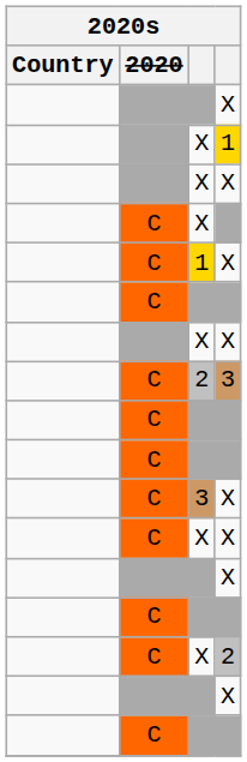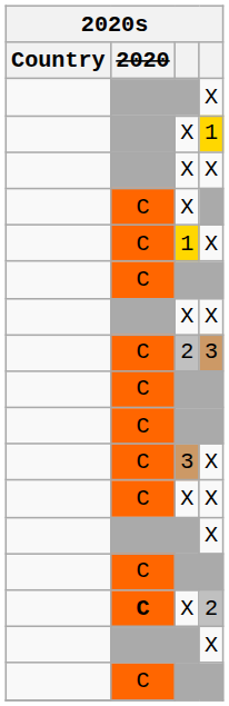 <table class="wikitable collapsible collapsed" style="float:left; margin:10px">
 <tr>
 <th colspan="6">2020s</th>
 </tr>
 <tr>
 <th>Country</th>
 <th><s>2020</s></th>
 <th></th>
 <th></th>
 </tr>
 <tr>
 <td></td>
 <td bgcolor="#AAA" colspan=2></td>
 <td align=center>X</td>
 </tr>
 <tr>
 <td></td>
 <td bgcolor="#AAA"></td>
 <td align=center>X</td>
 <td style="background:gold" align=center>1</td>
 </tr>
 <tr>
 <td></td>
 <td bgcolor="#AAA"></td>
 <td align=center>X</td>
 <td align=center>X</td>
 </tr>
 <tr>
 <td></td>
 <td style="background:#F60;" align=center>C</td>
 <td align=center>X</td>
 <td bgcolor="#AAA"></td>
 </tr>
 <tr>
 <td></td>
 <td style="background:#F60;" align=center>C</td>
 <td style="background:gold" align=center>1</td>
 <td align=center>X</td>
 </tr>
 <tr>
 <td></td>
 <td style="background:#F60;" align=center>C</td>
 <td bgcolor="#AAA" colspan=2></td>
 </tr>
 <tr>
 <td></td>
 <td bgcolor="#AAA"></td>
 <td align=center>X</td>
 <td align=center>X</td>
 </tr>
 <tr>
 <td></td>
 <td style="background:#F60;" align=center>C</td>
 <td style="background:silver" align=center>2</td>
 <td style="background:#c96" align=center>3</td>
 </tr>
 <tr>
 <td></td>
 <td style="background:#F60;" align=center>C</td>
 <td bgcolor="#AAA" colspan=2></td>
 </tr>
 <tr>
 <td></td>
 <td style="background:#F60;" align=center>C</td>
 <td bgcolor="#AAA" colspan=2></td>
 </tr>
 <tr>
 <td></td>
 <td style="background:#F60;" align=center>C</td>
 <td style="background:#c96" align=center>3</td>
 <td align=center>X</td>
 </tr>
 <tr>
 <td></td>
 <td style="background:#F60;" align=center>C</td>
 <td align=center>X</td>
 <td align=center>X</td>
 </tr>
 <tr>
 <td></td>
 <td bgcolor="#AAA" colspan=2></td>
 <td align=center>X</td>
 </tr>
 <tr>
 <td></td>
 <td style="background:#F60;" align=center>C</td>
 <td bgcolor="#AAA" colspan=2></td>
 </tr>
 <tr>
 <td></td>
-<td style="background:#F60;" align=center>C</td>
+<td style="background:#F60;" align=center><strong>C</strong></td>
 <td align=center>X</td>
 <td style="background:silver" align=center>2</td>
 </tr>
 <tr>
 <td></td>
 <td bgcolor="#AAA" colspan=2></td>
 <td align=center>X</td>
 </tr>
 <tr>
 <td></td>
 <td style="background:#F60;" align=center>C</td>
 <td bgcolor="#AAA" colspan=2></td>
 </tr>
 <tr>
 </tr>
 </table>
